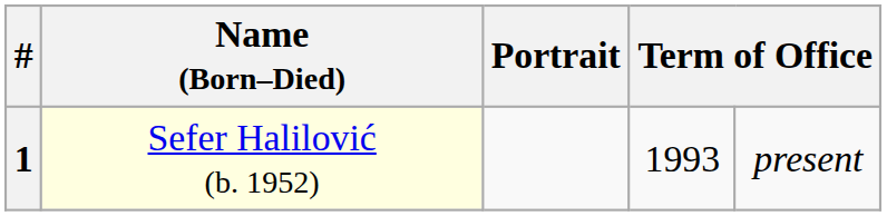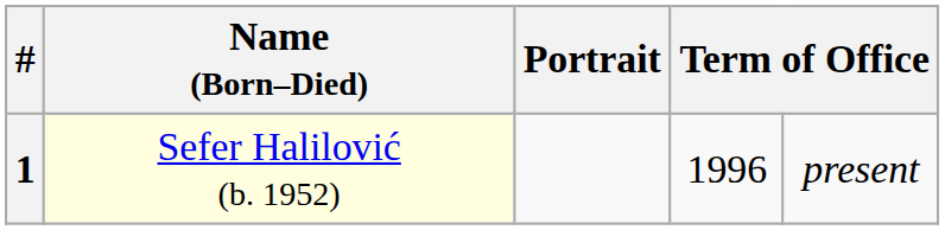 <table class="wikitable" style="text-align:center">
 <tr ->
 <th>#</th>
 <th width=180>Name<br><small>(Born–Died)</small></th>
 <th>Portrait</th>
 <th colspan=2>Term of Office</th>
 </tr>
 <tr ->
 <th align=center style="background: ">1</th>
 <td style="background: lightyellow;"><a href='#'>Sefer Halilović</a><br><small>(b. 1952)</small></td>
 <td></td>
-<td>1993</td>
+<td>1996</td>
 <td><em>present</em></td>
 </tr>
 </table>
